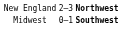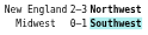 <table>
 <tr>
 <td align=center>New England</td>
 <td align=center>2–3</td>
 <td align=center><strong>Northwest</strong></td>
 </tr>
 <tr>
 <td align=center>Midwest</td>
 <td align=center>0–1</td>
-<td align=center><strong>Southwest</strong></td>
+<td align=center style="background: paleturquoise;"><strong>Southwest</strong></td>
 </tr>
 </table>
